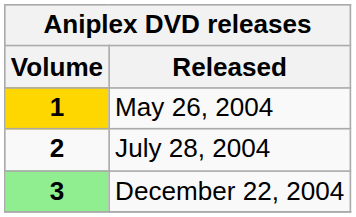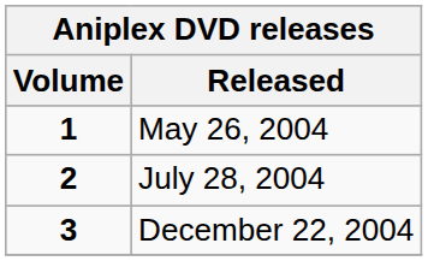 <table class="wikitable">
 <tr>
 <th colspan="9">Aniplex DVD releases</th>
 </tr>
 <tr>
 <th>Volume</th>
 <th>Released</th>
 </tr>
 <tr>
-<td align=center style="background: gold;"><strong>1</strong></td>
+<td align=center><strong>1</strong></td>
 <td>May 26, 2004</td>
 </tr>
 <tr>
 <td align=center><strong>2</strong></td>
 <td>July 28, 2004</td>
 </tr>
 <tr>
-<td align=center style="background: lightgreen;"><strong>3</strong></td>
+<td align=center><strong>3</strong></td>
 <td>December 22, 2004</td>
 </tr>
 <tr>
 </tr>
 </table>
